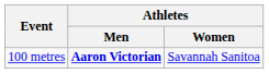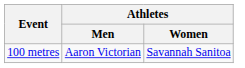 <table class=wikitable style="font-size:90%">
 <tr>
 <th rowspan=2>Event</th>
 <th colspan=2>Athletes</th>
 </tr>
 <tr>
 <th>Men</th>
 <th>Women</th>
 </tr>
 <tr>
 <td><a href='#'>100 metres</a></td>
-<td><strong><a href='#'>Aaron Victorian</a></strong></td>
+<td><a href='#'>Aaron Victorian</a></td>
 <td><a href='#'>Savannah Sanitoa</a></td>
 </tr>
 </table>
